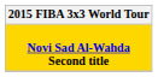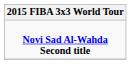 <table class="wikitable" style="text-align: center; margin: 0 auto;">
 <tr>
 <th>2015 FIBA 3x3 World Tour</th>
 </tr>
 <tr>
-<td style="background: gold;"> <br> <strong><a href='#'>Novi Sad Al-Wahda</a></strong> <br> <strong>Second title</strong></td>
+<td> <br> <strong><a href='#'>Novi Sad Al-Wahda</a></strong> <br> <strong>Second title</strong></td>
 </tr>
 <tr>
 </tr>
 </table>
